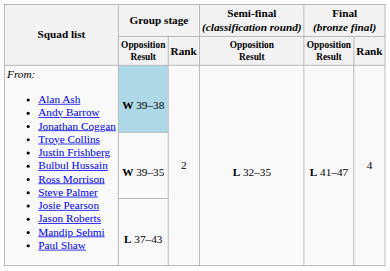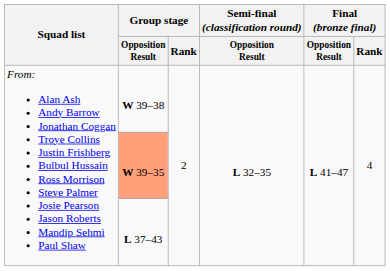 <table class=wikitable style="font-size:90%">
 <tr>
 <th rowspan="2">Squad list</th>
 <th colspan="2">Group stage</th>
 <th>Semi-final<br><em>(classification round)</em></th>
 <th colspan="2">Final<br><em>(bronze final)</em></th>
 </tr>
 <tr>
 <th style="line-height:1em"><small>Opposition<br>Result</small></th>
 <th>Rank</th>
 <th style="line-height:1em"><small>Opposition<br>Result</small></th>
 <th style="line-height:1em"><small>Opposition<br>Result</small></th>
 <th>Rank</th>
 </tr>
 <tr>
 <td rowspan="3"><em>From:</em><br><ul><li><a href='#'>Alan Ash</a></li><li><a href='#'>Andy Barrow</a></li><li><a href='#'>Jonathan Coggan</a></li><li><a href='#'>Troye Collins</a></li><li><a href='#'>Justin Frishberg</a></li><li><a href='#'>Bulbul Hussain</a></li><li><a href='#'>Ross Morrison</a></li><li><a href='#'>Steve Palmer</a></li><li><a href='#'>Josie Pearson</a></li><li><a href='#'>Jason Roberts</a></li><li><a href='#'>Mandip Sehmi</a></li><li><a href='#'>Paul Shaw</a></li></ul></td>
-<td align="center" style="background: lightblue;"> <br><br><strong>W</strong> 39–38<br> </td>
+<td align="center"> <br><br><strong>W</strong> 39–38<br> </td>
 <td rowspan="3" align="center">2</td>
 <td rowspan="3" align="center"><br><strong>L</strong> 32–35</td>
 <td rowspan="3" align="center"><em></em><br><strong>L</strong> 41–47</td>
 <td rowspan="3" align="center">4</td>
 </tr>
 <tr>
-<td align="center"> <br><br><strong>W</strong> 39–35<br> </td>
+<td align="center" style="background: lightsalmon;"> <br><br><strong>W</strong> 39–35<br> </td>
 </tr>
 <tr>
 <td align="center"> <br><br><strong>L</strong> 37–43<br> </td>
 </tr>
 </table>
